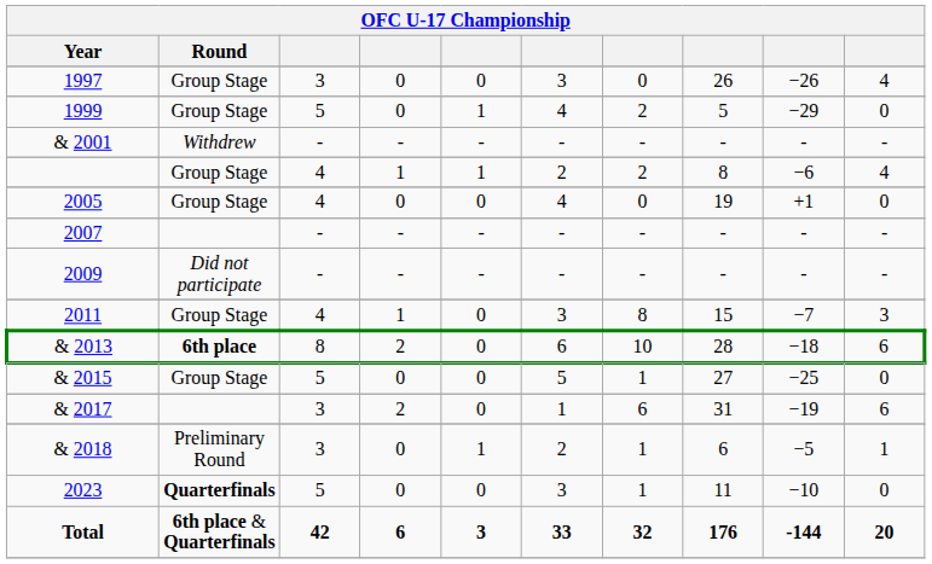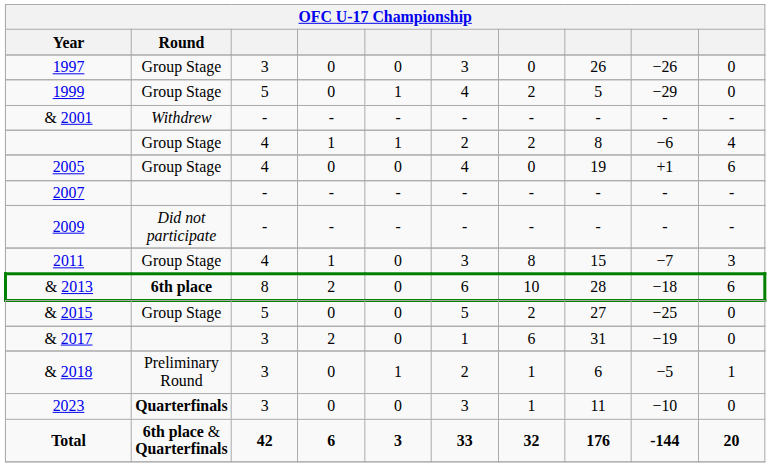 <table class="wikitable" style="text-align: center;">
 <tr>
 <th colspan=10><a href='#'>OFC U-17 Championship</a></th>
 </tr>
 <tr>
 <th width=120>Year</th>
 <th width=60>Round</th>
 <th width=60></th>
 <th width=60></th>
 <th width=60></th>
 <th width=60></th>
 <th width=60></th>
 <th width=60></th>
 <th width=60></th>
 <th width=60></th>
 </tr>
 <tr>
 </tr>
 <tr bgcolor=>
 <td> <a href='#'>1997</a></td>
 <td>Group Stage</td>
 <td>3</td>
 <td>0</td>
 <td>0</td>
 <td>3</td>
 <td>0</td>
 <td>26</td>
 <td>−26</td>
-<td>4</td>
+<td>0</td>
 </tr>
 <tr>
 </tr>
 <tr bgcolor=>
 <td> <a href='#'>1999</a></td>
 <td>Group Stage</td>
 <td>5</td>
 <td>0</td>
 <td>1</td>
 <td>4</td>
 <td>2</td>
 <td>5</td>
 <td>−29</td>
 <td>0</td>
 </tr>
 <tr>
 <td>& <a href='#'>2001</a></td>
 <td><em>Withdrew</em></td>
 <td>-</td>
 <td>-</td>
 <td>-</td>
 <td>-</td>
 <td>-</td>
 <td>-</td>
 <td>-</td>
 <td>-</td>
 </tr>
 <tr>
 </tr>
 <tr bgcolor=>
 <td></td>
 <td>Group Stage</td>
 <td>4</td>
 <td>1</td>
 <td>1</td>
 <td>2</td>
 <td>2</td>
 <td>8</td>
 <td>−6</td>
 <td>4</td>
 </tr>
 <tr>
 </tr>
 <tr bgcolor=>
 <td> <a href='#'>2005</a></td>
 <td>Group Stage</td>
 <td>4</td>
 <td>0</td>
 <td>0</td>
 <td>4</td>
 <td>0</td>
 <td>19</td>
 <td>+1</td>
-<td>0</td>
+<td>6</td>
 </tr>
 <tr>
 </tr>
 <tr bgcolor=>
 <td> <a href='#'>2007</a></td>
 <td></td>
 <td>-</td>
 <td>-</td>
 <td>-</td>
 <td>-</td>
 <td>-</td>
 <td>-</td>
 <td>-</td>
 <td>-</td>
 </tr>
 <tr>
 </tr>
 <tr bgcolor=>
 <td> <a href='#'>2009</a></td>
 <td><em>Did not participate</em></td>
 <td>-</td>
 <td>-</td>
 <td>-</td>
 <td>-</td>
 <td>-</td>
 <td>-</td>
 <td>-</td>
 <td>-</td>
 </tr>
 <tr>
 </tr>
 <tr bgcolor=>
 <td> <a href='#'>2011</a></td>
 <td>Group Stage</td>
 <td>4</td>
 <td>1</td>
 <td>0</td>
 <td>3</td>
 <td>8</td>
 <td>15</td>
 <td>−7</td>
 <td>3</td>
 </tr>
 <tr>
 </tr>
 <tr style="border: 3px solid green">
 <td>& <a href='#'>2013</a></td>
 <td><strong>6th place</strong></td>
 <td>8</td>
 <td>2</td>
 <td>0</td>
 <td>6</td>
 <td>10</td>
 <td>28</td>
 <td>−18</td>
 <td>6</td>
 </tr>
 <tr>
 </tr>
 <tr bgcolor=>
 <td>& <a href='#'>2015</a></td>
 <td>Group Stage</td>
 <td>5</td>
 <td>0</td>
 <td>0</td>
 <td>5</td>
-<td>1</td>
+<td>2</td>
 <td>27</td>
 <td>−25</td>
 <td>0</td>
 </tr>
 <tr>
 </tr>
 <tr style="backround: 3px blue">
 <td>& <a href='#'>2017</a></td>
 <td></td>
 <td>3</td>
 <td>2</td>
 <td>0</td>
 <td>1</td>
 <td>6</td>
 <td>31</td>
 <td>−19</td>
-<td>6</td>
+<td>0</td>
 </tr>
 <tr>
 </tr>
 <tr style="background:light blue;">
 <td>& <a href='#'>2018</a></td>
 <td>Preliminary Round</td>
 <td>3</td>
 <td>0</td>
 <td>1</td>
 <td>2</td>
 <td>1</td>
 <td>6</td>
 <td>−5</td>
 <td>1</td>
 </tr>
 <tr>
 <td> <a href='#'>2023</a></td>
 <td><strong>Quarterfinals</strong></td>
-<td>5</td>
+<td>3</td>
 <td>0</td>
 <td>0</td>
 <td>3</td>
 <td>1</td>
 <td>11</td>
 <td>−10</td>
 <td>0</td>
 </tr>
 <tr>
 <td><strong>Total</strong></td>
 <td><strong>6th place</strong> & <strong>Quarterfinals</strong></td>
 <td><strong>42</strong></td>
 <td><strong>6</strong></td>
 <td><strong>3</strong></td>
 <td><strong>33</strong></td>
 <td><strong>32</strong></td>
 <td><strong>176</strong></td>
 <td><strong>-144</strong></td>
 <td><strong>20</strong></td>
 </tr>
 <tr>
 </tr>
 </table>
